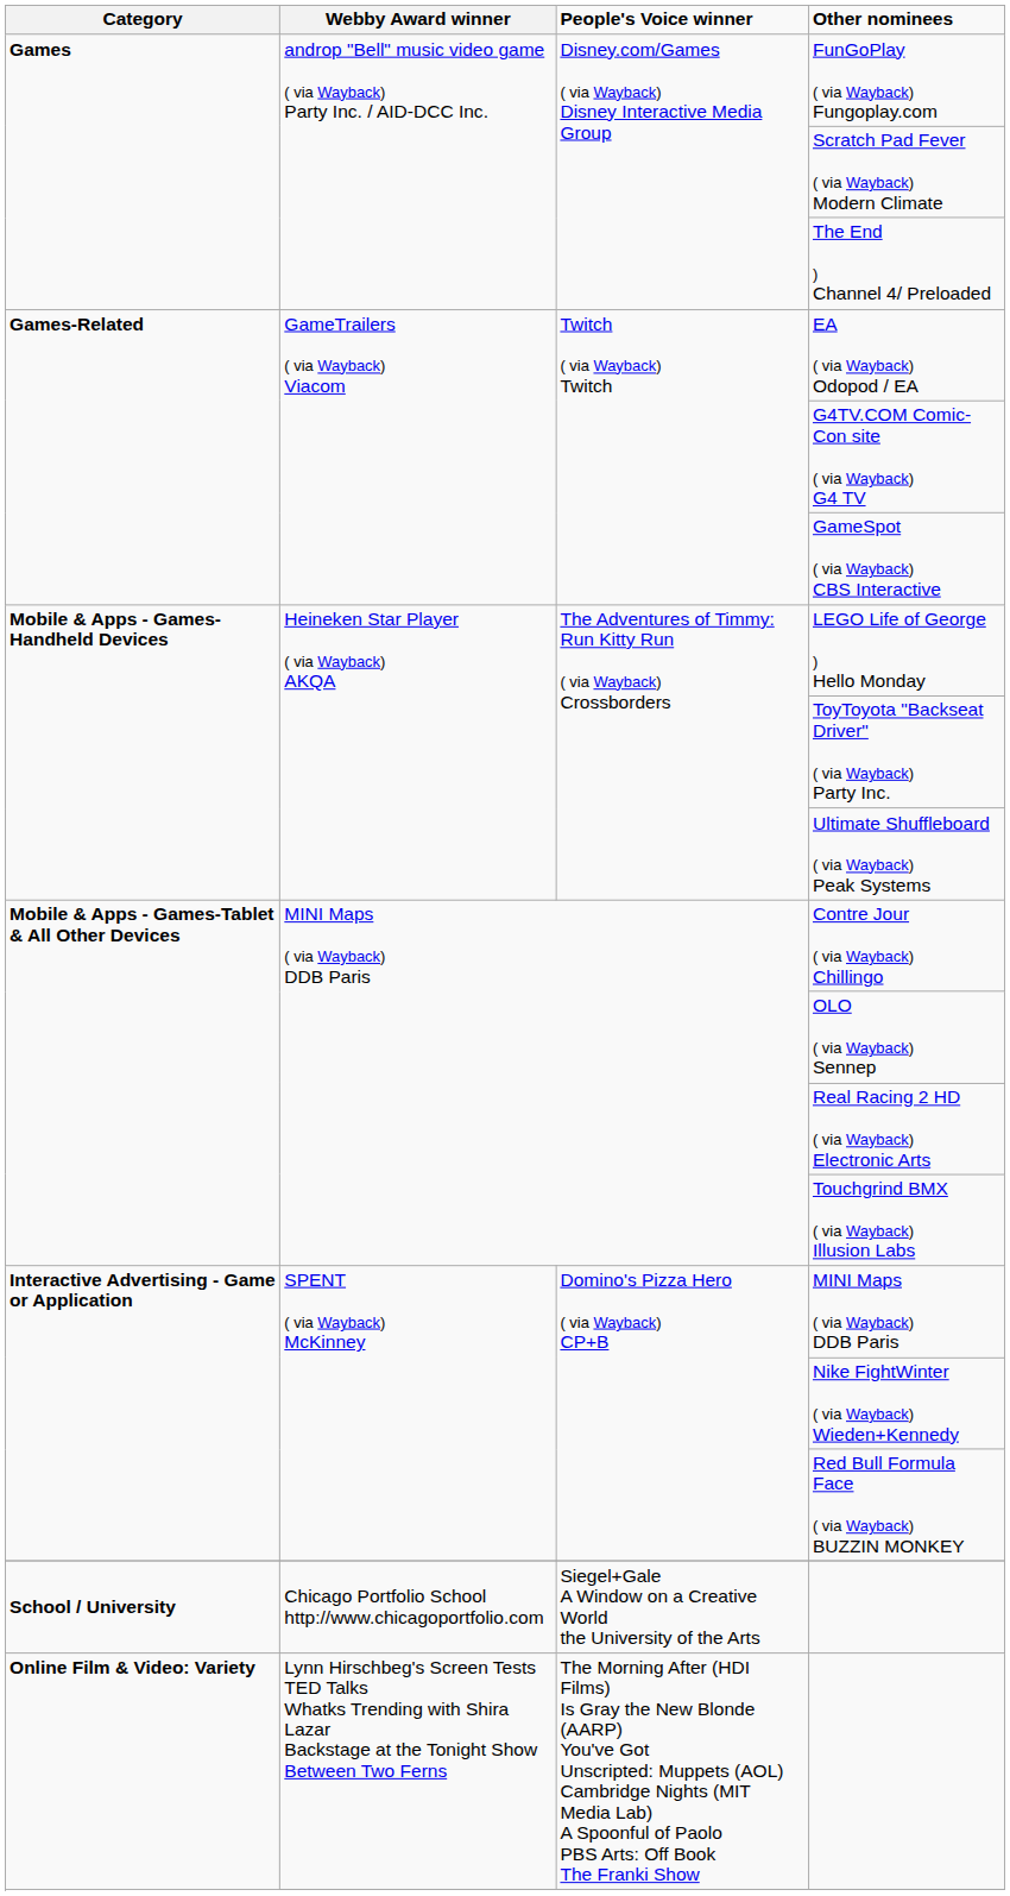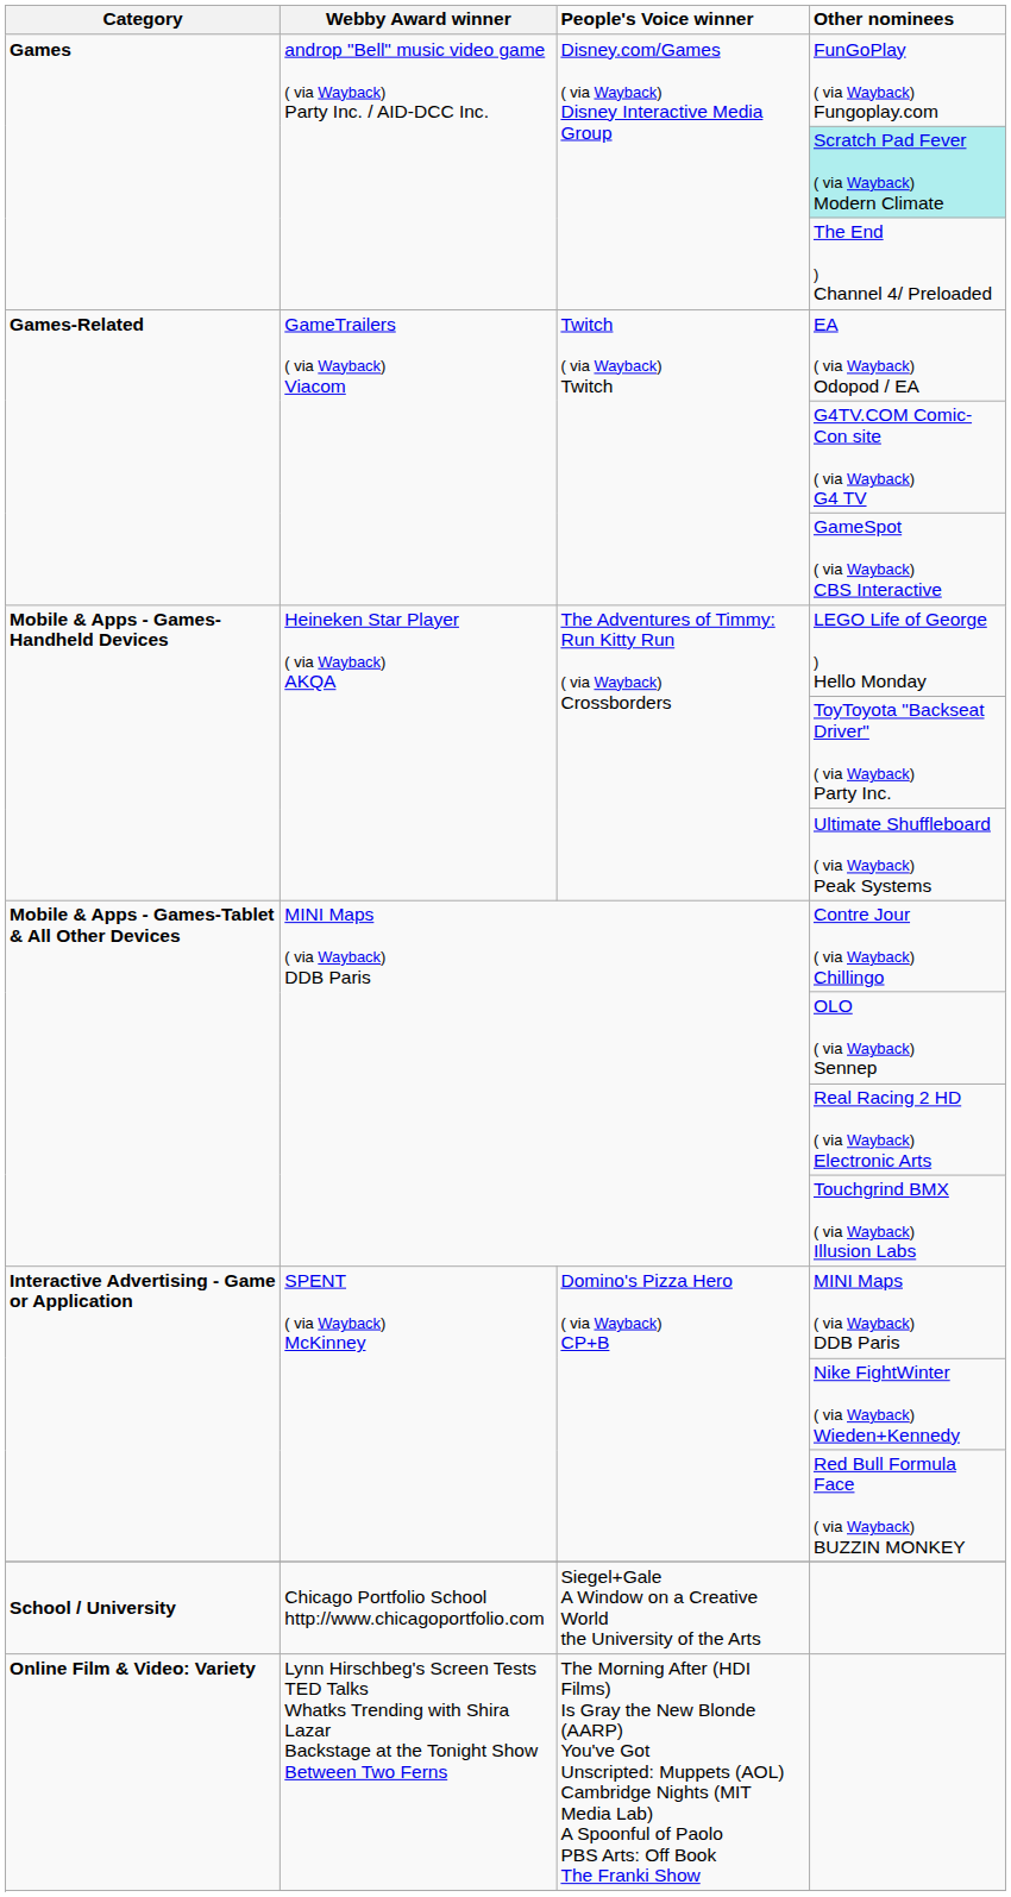 <table class="wikitable">
 <tr>
 <th>Category</th>
 <th>Webby Award winner</th>
 <td><strong>People's Voice winner</strong></td>
 <td><strong>Other nominees</strong></td>
 </tr>
 <tr valign="top">
 <td rowspan="3"><strong>Games</strong></td>
 <td rowspan="3"><a href='#'>androp "Bell" music video game</a><br><br><small>( via <a href='#'>Wayback</a>)</small><br> Party Inc. / AID-DCC Inc.</td>
 <td rowspan="3"><a href='#'>Disney.com/Games</a><br><br><small>( via <a href='#'>Wayback</a>)</small><br> <a href='#'>Disney Interactive Media Group</a></td>
 <td><a href='#'>FunGoPlay</a><br><br><small>( via <a href='#'>Wayback</a>)</small><br> Fungoplay.com</td>
 </tr>
 <tr valign="top">
-<td><a href='#'>Scratch Pad Fever</a><br><br><small>( via <a href='#'>Wayback</a>)</small><br> Modern Climate</td>
+<td style="background: paleturquoise;"><a href='#'>Scratch Pad Fever</a><br><br><small>( via <a href='#'>Wayback</a>)</small><br> Modern Climate</td>
 </tr>
 <tr valign="top">
 <td><a href='#'>The End</a><br><br><small>)</small><br> Channel 4/ Preloaded</td>
 </tr>
 <tr valign="top">
 <td rowspan="3"><strong>Games-Related</strong></td>
 <td rowspan="3"><a href='#'>GameTrailers</a><br><br><small>( via <a href='#'>Wayback</a>)</small><br> <a href='#'>Viacom</a></td>
 <td rowspan="3"><a href='#'>Twitch</a><br><br><small>( via <a href='#'>Wayback</a>)</small><br> Twitch</td>
 <td><a href='#'>EA</a><br><br><small>( via <a href='#'>Wayback</a>)</small><br> Odopod / EA</td>
 </tr>
 <tr valign="top">
 <td><a href='#'>G4TV.COM Comic-Con site</a><br><br><small>( via <a href='#'>Wayback</a>)</small><br> <a href='#'>G4 TV</a></td>
 </tr>
 <tr valign="top">
 <td><a href='#'>GameSpot</a><br><br><small>( via <a href='#'>Wayback</a>)</small><br> <a href='#'>CBS Interactive</a></td>
 </tr>
 <tr valign="top">
 <td rowspan="3"><strong>Mobile & Apps - Games-Handheld Devices</strong></td>
 <td rowspan="3"><a href='#'>Heineken Star Player</a><br><br><small>( via <a href='#'>Wayback</a>)</small><br> <a href='#'>AKQA</a></td>
 <td rowspan="3"><a href='#'>The Adventures of Timmy: Run Kitty Run</a><br><br><small>( via <a href='#'>Wayback</a>)</small><br> Crossborders</td>
 <td><a href='#'>LEGO Life of George</a><br><br><small>)</small><br> Hello Monday</td>
 </tr>
 <tr valign="top">
 <td><a href='#'>ToyToyota "Backseat Driver"</a><br><br><small>( via <a href='#'>Wayback</a>)</small><br> Party Inc.</td>
 </tr>
 <tr valign="top">
 <td><a href='#'>Ultimate Shuffleboard</a><br><br><small>( via <a href='#'>Wayback</a>)</small><br> Peak Systems</td>
 </tr>
 <tr valign="top">
 <td rowspan="4"><strong>Mobile & Apps - Games-Tablet & All Other Devices</strong></td>
 <td rowspan="4" colspan="2"><a href='#'>MINI Maps</a><br><br><small>( via <a href='#'>Wayback</a>)</small><br> DDB Paris</td>
 <td><a href='#'>Contre Jour</a><br><br><small>( via <a href='#'>Wayback</a>)</small><br> <a href='#'>Chillingo</a></td>
 </tr>
 <tr valign="top">
 <td><a href='#'>OLO</a><br><br><small>( via <a href='#'>Wayback</a>)</small><br> Sennep</td>
 </tr>
 <tr valign="top">
 <td><a href='#'>Real Racing 2 HD</a><br><br><small>( via <a href='#'>Wayback</a>)</small><br> <a href='#'>Electronic Arts</a></td>
 </tr>
 <tr valign="top">
 <td><a href='#'>Touchgrind BMX</a><br><br><small>( via <a href='#'>Wayback</a>)</small><br> <a href='#'>Illusion Labs</a></td>
 </tr>
 <tr valign="top">
 <td rowspan="3"><strong>Interactive Advertising - Game or Application</strong></td>
 <td rowspan="3"><a href='#'>SPENT</a><br><br><small>( via <a href='#'>Wayback</a>)</small><br> <a href='#'>McKinney</a></td>
 <td rowspan="3"><a href='#'>Domino's Pizza Hero</a><br><br><small>( via <a href='#'>Wayback</a>)</small><br> <a href='#'>CP+B</a></td>
 <td><a href='#'>MINI Maps</a><br><br><small>( via <a href='#'>Wayback</a>)</small><br> DDB Paris</td>
 </tr>
 <tr valign="top">
 <td><a href='#'>Nike FightWinter</a><br><br><small>( via <a href='#'>Wayback</a>)</small><br> <a href='#'>Wieden+Kennedy</a></td>
 </tr>
 <tr valign="top">
 <td><a href='#'>Red Bull Formula Face</a><br><br><small>( via <a href='#'>Wayback</a>)</small><br> BUZZIN MONKEY</td>
 </tr>
 <tr>
 </tr>
 <tr>
 <td><strong>School / University</strong></td>
 <td>Chicago Portfolio School<br>http://www.chicagoportfolio.com</td>
 <td>Siegel+Gale<br>A Window on a Creative World<br>the University of the Arts<br></td>
 <td></td>
 </tr>
 <tr valign="top">
 <td rowspan="4"><strong>Online Film & Video: Variety</strong></td>
 <td>Lynn Hirschbeg's Screen Tests<br>TED Talks <br>Whatks Trending with Shira Lazar<br>Backstage at the Tonight Show<br><a href='#'>Between Two Ferns</a></td>
 <td>The Morning After (HDI Films)<br>Is Gray the New Blonde (AARP)<br>You've Got<br>Unscripted: Muppets (AOL)<br>Cambridge Nights (MIT Media Lab)<br>A Spoonful of Paolo<br>PBS Arts: Off Book<br><a href='#'>The Franki Show</a></td>
 <td></td>
 </tr>
 <tr>
 </tr>
 </table>
